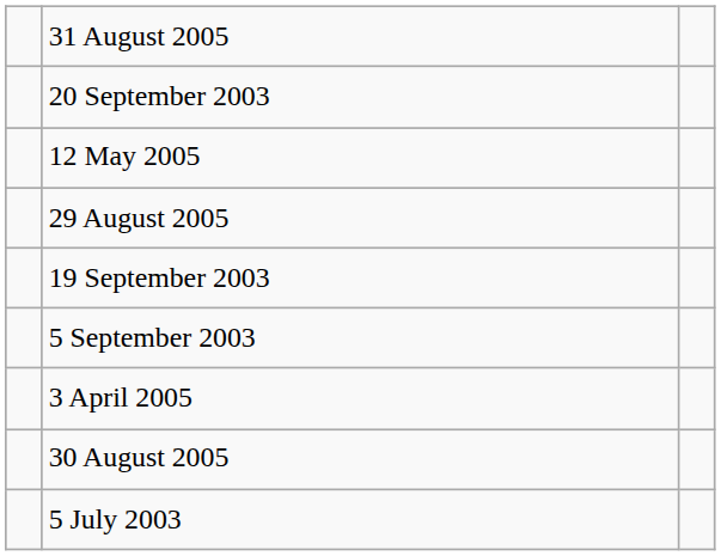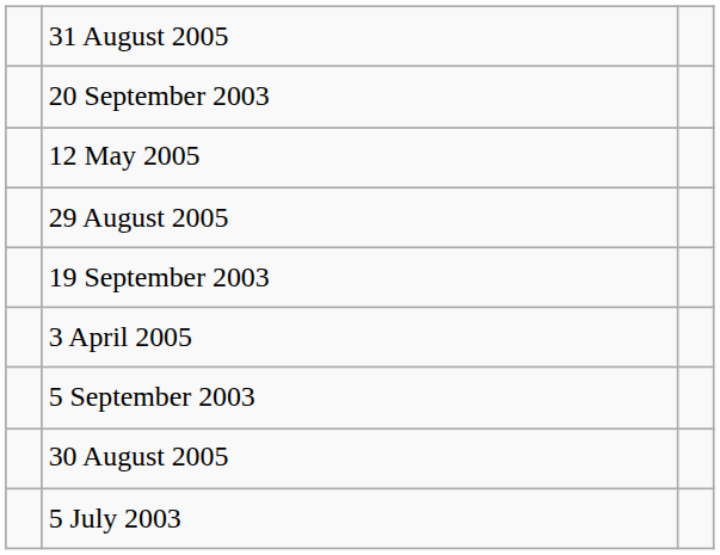 <table class="wikitable" style="font-size: 89%; float: left; width: 25em; margin-right: 1em; line-height: 1.65em !important;">
 <tr>
 <td></td>
 <td>31 August 2005</td>
 <td></td>
 </tr>
 <tr>
 <td></td>
 <td>20 September 2003</td>
 <td></td>
 </tr>
 <tr>
 <td></td>
 <td>12 May 2005</td>
 <td></td>
 </tr>
 <tr>
 <td></td>
 <td>29 August 2005</td>
 <td></td>
 </tr>
 <tr>
 <td></td>
 <td>19 September 2003</td>
 <td></td>
 </tr>
 <tr>
 <td></td>
-<td>5 September 2003</td>
+<td>3 April 2005</td>
 <td></td>
 </tr>
 <tr>
 <td></td>
-<td>3 April 2005</td>
+<td>5 September 2003</td>
 <td></td>
 </tr>
 <tr>
 <td></td>
 <td>30 August 2005</td>
 <td></td>
 </tr>
 <tr>
 <td></td>
 <td>5 July 2003</td>
 <td></td>
 </tr>
 </table>
